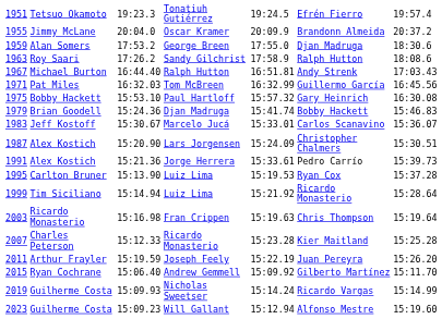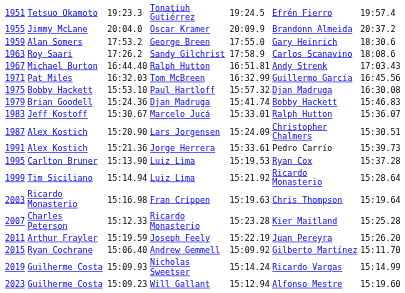 <table>
 <tr>
 <td align=center><a href='#'>1951</a></td>
 <td> <a href='#'>Tetsuo Okamoto</a></td>
 <td>19:23.3</td>
 <td> <a href='#'>Tonatiuh Gutiérrez</a></td>
 <td>19:24.5</td>
 <td> <a href='#'>Efrén Fierro</a></td>
 <td>19:57.4</td>
 </tr>
 <tr>
 <td align=center><a href='#'>1955</a></td>
 <td> <a href='#'>Jimmy McLane</a></td>
 <td>20:04.0</td>
 <td> <a href='#'>Oscar Kramer</a></td>
 <td>20:09.9</td>
 <td> <a href='#'>Brandonn Almeida</a></td>
 <td>20:37.2</td>
 </tr>
 <tr>
 <td align=center><a href='#'>1959</a></td>
 <td> <a href='#'>Alan Somers</a></td>
 <td>17:53.2</td>
 <td> <a href='#'>George Breen</a></td>
 <td>17:55.0</td>
-<td> <a href='#'>Djan Madruga</a></td>
+<td> <a href='#'>Gary Heinrich</a></td>
 <td>18:30.6</td>
 </tr>
 <tr>
 <td align=center><a href='#'>1963</a></td>
 <td> <a href='#'>Roy Saari</a></td>
 <td>17:26.2</td>
 <td> <a href='#'>Sandy Gilchrist</a></td>
 <td>17:58.9</td>
-<td> <a href='#'>Ralph Hutton</a></td>
+<td> <a href='#'>Carlos Scanavino</a></td>
 <td>18:08.6</td>
 </tr>
 <tr>
 <td align=center><a href='#'>1967</a></td>
 <td> <a href='#'>Michael Burton</a></td>
 <td>16:44.40</td>
 <td> <a href='#'>Ralph Hutton</a></td>
 <td>16:51.81</td>
 <td> <a href='#'>Andy Strenk</a></td>
 <td>17:03.43</td>
 </tr>
 <tr>
 <td align=center><a href='#'>1971</a></td>
 <td> <a href='#'>Pat Miles</a></td>
 <td>16:32.03</td>
 <td> <a href='#'>Tom McBreen</a></td>
 <td>16:32.99</td>
 <td> <a href='#'>Guillermo García</a></td>
 <td>16:45.56</td>
 </tr>
 <tr>
 <td align=center><a href='#'>1975</a></td>
 <td> <a href='#'>Bobby Hackett</a></td>
 <td>15:53.10</td>
 <td> <a href='#'>Paul Hartloff</a></td>
 <td>15:57.32</td>
-<td> <a href='#'>Gary Heinrich</a></td>
+<td> <a href='#'>Djan Madruga</a></td>
 <td>16:30.08</td>
 </tr>
 <tr>
 <td align=center><a href='#'>1979</a></td>
 <td> <a href='#'>Brian Goodell</a></td>
 <td>15:24.36</td>
 <td> <a href='#'>Djan Madruga</a></td>
 <td>15:41.74</td>
 <td> <a href='#'>Bobby Hackett</a></td>
 <td>15:46.83</td>
 </tr>
 <tr>
 <td align=center><a href='#'>1983</a></td>
 <td> <a href='#'>Jeff Kostoff</a></td>
 <td>15:30.67</td>
 <td> <a href='#'>Marcelo Jucá</a></td>
 <td>15:33.01</td>
-<td> <a href='#'>Carlos Scanavino</a></td>
+<td> <a href='#'>Ralph Hutton</a></td>
 <td>15:36.07</td>
 </tr>
 <tr>
 <td align=center><a href='#'>1987</a></td>
 <td> <a href='#'>Alex Kostich</a></td>
 <td>15:20.90</td>
 <td> <a href='#'>Lars Jorgensen</a></td>
 <td>15:24.09</td>
 <td> <a href='#'>Christopher Chalmers</a></td>
 <td>15:30.51</td>
 </tr>
 <tr>
 <td align=center><a href='#'>1991</a></td>
 <td> <a href='#'>Alex Kostich</a></td>
 <td>15:21.36</td>
 <td> <a href='#'>Jorge Herrera</a></td>
 <td>15:33.61</td>
 <td> Pedro Carrío</td>
 <td>15:39.73</td>
 </tr>
 <tr>
 <td align=center><a href='#'>1995</a></td>
 <td> <a href='#'>Carlton Bruner</a></td>
 <td>15:13.90</td>
 <td> <a href='#'>Luiz Lima</a></td>
 <td>15:19.53</td>
 <td> <a href='#'>Ryan Cox</a></td>
 <td>15:37.28</td>
 </tr>
 <tr>
 <td align=center><a href='#'>1999</a></td>
 <td> <a href='#'>Tim Siciliano</a></td>
 <td>15:14.94</td>
 <td> <a href='#'>Luiz Lima</a></td>
 <td>15:21.92</td>
 <td> <a href='#'>Ricardo Monasterio</a></td>
 <td>15:28.64</td>
 </tr>
 <tr>
 <td align=center><a href='#'>2003</a></td>
 <td> <a href='#'>Ricardo Monasterio</a></td>
 <td>15:16.98</td>
 <td> <a href='#'>Fran Crippen</a></td>
 <td>15:19.63</td>
 <td> <a href='#'>Chris Thompson</a></td>
 <td>15:19.64</td>
 </tr>
 <tr>
 <td align=center><a href='#'>2007</a></td>
 <td> <a href='#'>Charles Peterson</a></td>
 <td>15:12.33</td>
 <td> <a href='#'>Ricardo Monasterio</a></td>
 <td>15:23.28</td>
 <td> <a href='#'>Kier Maitland</a></td>
 <td>15:25.28</td>
 </tr>
 <tr>
 <td align=center><a href='#'>2011</a></td>
 <td> <a href='#'>Arthur Frayler</a></td>
 <td>15:19.59</td>
 <td> <a href='#'>Joseph Feely</a></td>
 <td>15:22.19</td>
 <td> <a href='#'>Juan Pereyra</a></td>
 <td>15:26.20</td>
 </tr>
 <tr>
 <td align=center><a href='#'>2015</a></td>
 <td> <a href='#'>Ryan Cochrane</a></td>
 <td>15:06.40</td>
 <td> <a href='#'>Andrew Gemmell</a></td>
 <td>15:09.92</td>
 <td> <a href='#'>Gilberto Martínez</a></td>
 <td>15:11.70</td>
 </tr>
 <tr>
 <td align=center><a href='#'>2019</a></td>
 <td> <a href='#'>Guilherme Costa</a></td>
 <td>15:09.93</td>
 <td> <a href='#'>Nicholas Sweetser</a></td>
 <td>15:14.24</td>
 <td> <a href='#'>Ricardo Vargas</a></td>
 <td>15:14.99</td>
 </tr>
 <tr>
 <td align=center><a href='#'>2023</a></td>
 <td> <a href='#'>Guilherme Costa</a></td>
 <td>15:09.23</td>
 <td> <a href='#'>Will Gallant</a></td>
 <td>15:12.94</td>
 <td> <a href='#'>Alfonso Mestre</a></td>
 <td>15:19.60</td>
 </tr>
 </table>
